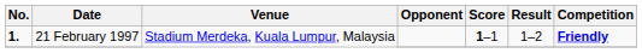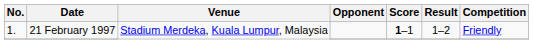 <table class="wikitable">
 <tr>
 <th>No.</th>
 <th>Date</th>
 <th>Venue</th>
 <th>Opponent</th>
 <th>Score</th>
 <th>Result</th>
 <th>Competition</th>
 </tr>
 <tr>
-<td><strong>1.</strong></td>
+<td>1.</td>
 <td>21 February 1997</td>
 <td rowspan=2><a href='#'>Stadium Merdeka</a>, <a href='#'>Kuala Lumpur</a>, Malaysia</td>
 <td></td>
 <td align=center><strong>1</strong>–1</td>
 <td align=center>1–2</td>
-<td><strong><a href='#'>Friendly</a></strong></td>
+<td><a href='#'>Friendly</a></td>
 </tr>
 <tr>
 </tr>
 </table>
